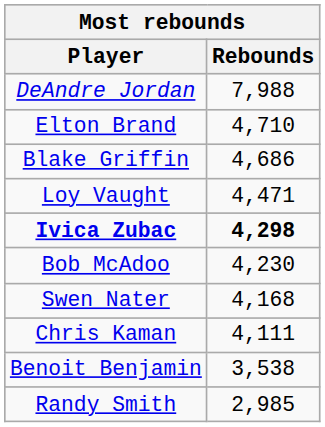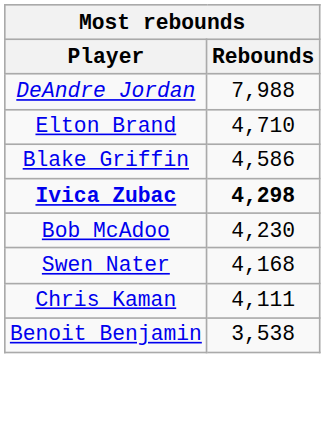 <table class="wikitable sortable" style="text-align:center">
 <tr>
 <th colspan="2" style="text-align:center; ">Most rebounds</th>
 </tr>
 <tr>
 <th style="text-align:center; ">Player</th>
 <th style="text-align:center; ">Rebounds</th>
 </tr>
 <tr>
 <td><em><a href='#'>DeAndre Jordan</a></em></td>
 <td>7,988</td>
 </tr>
 <tr>
 <td><a href='#'>Elton Brand</a></td>
 <td>4,710</td>
 </tr>
 <tr>
 <td><a href='#'>Blake Griffin</a></td>
-<td>4,686</td>
-</tr>
-<tr>
-<td><a href='#'>Loy Vaught</a></td>
-<td>4,471</td>
+<td>4,586</td>
 </tr>
 <tr>
 <td><strong><a href='#'>Ivica Zubac</a></strong></td>
 <td><strong>4,298</strong></td>
 </tr>
 <tr>
 <td><a href='#'>Bob McAdoo</a></td>
 <td>4,230</td>
 </tr>
 <tr>
 <td><a href='#'>Swen Nater</a></td>
 <td>4,168</td>
 </tr>
 <tr>
 <td><a href='#'>Chris Kaman</a></td>
 <td>4,111</td>
 </tr>
 <tr>
 <td><a href='#'>Benoit Benjamin</a></td>
 <td>3,538</td>
 </tr>
-<tr>
-<td><a href='#'>Randy Smith</a></td>
-<td>2,985</td>
-</tr>
 </table>
